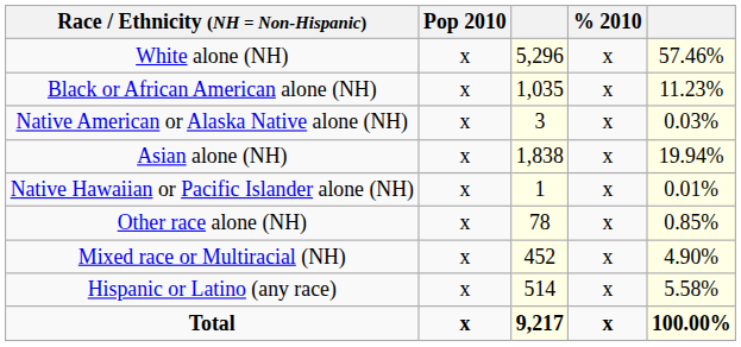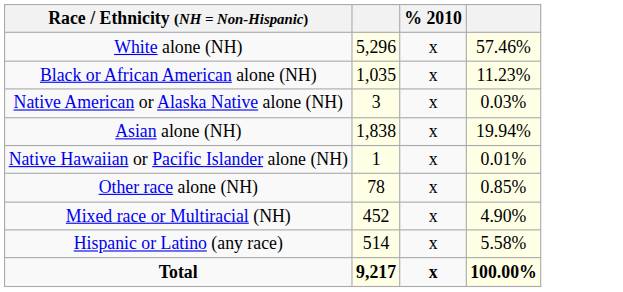 <table class="wikitable" style="text-align:center;">
 <tr>
 <th>Race / Ethnicity <small>(<em>NH = Non-Hispanic</em>)</small></th>
-<th>Pop 2010</th>
 <th></th>
 <th>% 2010</th>
 <th></th>
 </tr>
 <tr>
 <td><a href='#'>White</a> alone (NH)</td>
-<td>x</td>
 <td style='background: #ffffe6;'>5,296</td>
 <td>x</td>
 <td style='background: #ffffe6;'>57.46%</td>
 </tr>
 <tr>
 <td><a href='#'>Black or African American</a> alone (NH)</td>
-<td>x</td>
 <td style='background: #ffffe6;'>1,035</td>
 <td>x</td>
 <td style='background: #ffffe6;'>11.23%</td>
 </tr>
 <tr>
 <td><a href='#'>Native American</a> or <a href='#'>Alaska Native</a> alone (NH)</td>
-<td>x</td>
 <td style='background: #ffffe6;'>3</td>
 <td>x</td>
 <td style='background: #ffffe6;'>0.03%</td>
 </tr>
 <tr>
 <td><a href='#'>Asian</a> alone (NH)</td>
-<td>x</td>
 <td style='background: #ffffe6;'>1,838</td>
 <td>x</td>
 <td style='background: #ffffe6;'>19.94%</td>
 </tr>
 <tr>
 <td><a href='#'>Native Hawaiian</a> or <a href='#'>Pacific Islander</a> alone (NH)</td>
-<td>x</td>
 <td style='background: #ffffe6;'>1</td>
 <td>x</td>
 <td style='background: #ffffe6;'>0.01%</td>
 </tr>
 <tr>
 <td><a href='#'>Other race</a> alone (NH)</td>
-<td>x</td>
 <td style='background: #ffffe6;'>78</td>
 <td>x</td>
 <td style='background: #ffffe6;'>0.85%</td>
 </tr>
 <tr>
 <td><a href='#'>Mixed race or Multiracial</a> (NH)</td>
-<td>x</td>
 <td style='background: #ffffe6;'>452</td>
 <td>x</td>
 <td style='background: #ffffe6;'>4.90%</td>
 </tr>
 <tr>
 <td><a href='#'>Hispanic or Latino</a> (any race)</td>
-<td>x</td>
 <td style='background: #ffffe6;'>514</td>
 <td>x</td>
 <td style='background: #ffffe6;'>5.58%</td>
 </tr>
 <tr>
 <td><strong>Total</strong></td>
-<td><strong>x</strong></td>
 <td style='background: #ffffe6;'><strong>9,217</strong></td>
 <td><strong>x</strong></td>
 <td style='background: #ffffe6;'><strong>100.00%</strong></td>
 </tr>
 </table>
